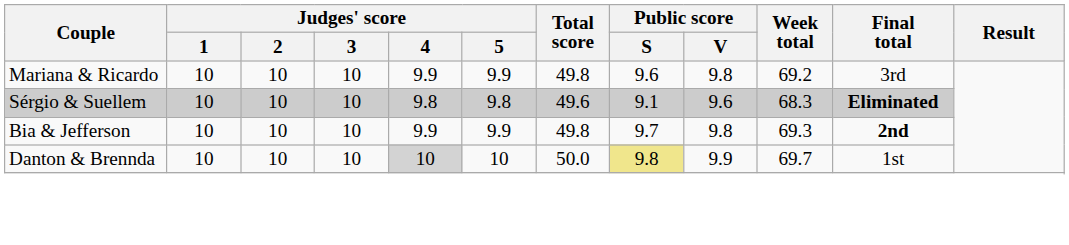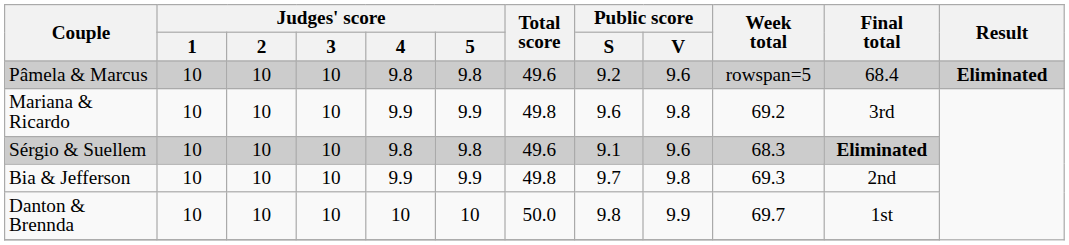 <table class="wikitable" style="font-size:100%; line-height:16px; text-align:center" width="100%">
 <tr>
 <th rowspan=2 width="11.0%">Couple</th>
 <th colspan=5 width="25.0%">Judges' score</th>
 <th rowspan=2 width="05.0%">Total score</th>
 <th colspan=2 width="10.0%">Public score</th>
 <th rowspan=2 width="05.0%">Week<br>total</th>
 <th rowspan=2 width="05.0%">Final<br>total</th>
 <th rowspan=2 width="07.5%">Result <br></th>
 </tr>
 <tr>
 <th width="05.0%">1</th>
 <th width="05.0%">2</th>
 <th width="05.0%">3</th>
 <th width="05.0%">4</th>
 <th width="05.0%">5</th>
 <th width="05.0%">S</th>
 <th width="05.0%">V</th>
+</tr>
+<tr bgcolor=CCCCCC>
+<td align="left">Pâmela & Marcus</td>
+<td>10</td>
+<td>10</td>
+<td>10</td>
+<td>9.8</td>
+<td>9.8</td>
+<td>49.6</td>
+<td>9.2</td>
+<td>9.6</td>
+<td>rowspan=5 </td>
+<td>68.4</td>
+<td><strong>Eliminated</strong></td>
 </tr>
 <tr>
 <td align="left">Mariana & Ricardo</td>
 <td>10</td>
 <td>10</td>
 <td>10</td>
 <td>9.9</td>
 <td>9.9</td>
 <td>49.8</td>
 <td>9.6</td>
 <td>9.8</td>
 <td>69.2</td>
 <td>3rd</td>
 </tr>
 <tr bgcolor=CCCCCC>
 <td align="left">Sérgio & Suellem</td>
 <td>10</td>
 <td>10</td>
 <td>10</td>
 <td>9.8</td>
 <td>9.8</td>
 <td>49.6</td>
 <td>9.1</td>
 <td>9.6</td>
 <td>68.3</td>
 <td><strong>Eliminated</strong></td>
 </tr>
 <tr>
 <td align="left">Bia & Jefferson</td>
 <td>10</td>
 <td>10</td>
 <td>10</td>
 <td>9.9</td>
 <td>9.9</td>
 <td>49.8</td>
 <td>9.7</td>
 <td>9.8</td>
 <td>69.3</td>
-<td><strong>2nd</strong></td>
+<td>2nd</td>
 </tr>
 <tr>
 <td align="left">Danton & Brennda</td>
 <td>10</td>
 <td>10</td>
 <td>10</td>
-<td style="background: lightgrey;">10</td>
+<td>10</td>
 <td>10</td>
 <td>50.0</td>
-<td style="background: khaki;">9.8</td>
+<td>9.8</td>
 <td>9.9</td>
 <td>69.7</td>
 <td>1st</td>
 </tr>
 <tr>
 </tr>
 </table>
